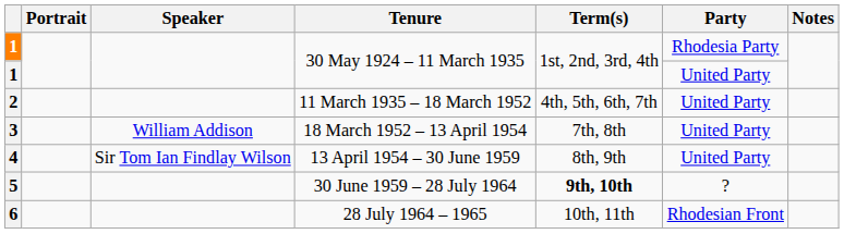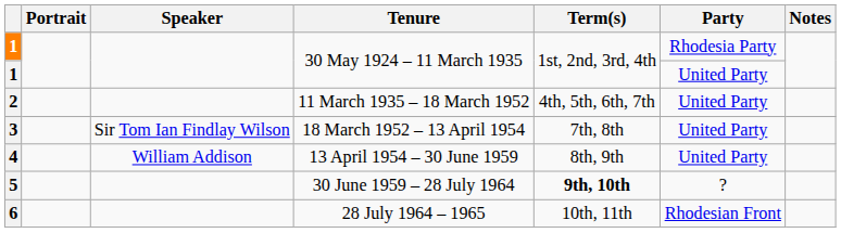 <table class="wikitable" style="text-align: center;">
 <tr>
 <th></th>
 <th>Portrait</th>
 <th>Speaker</th>
 <th>Tenure</th>
 <th>Term(s)</th>
 <th>Party</th>
 <th>Notes</th>
 </tr>
 <tr>
 <th style="background:#FF7F00; color:white;">1</th>
 <td rowspan="2"></td>
 <td rowspan="2"></td>
 <td rowspan="2">30 May 1924 – 11 March 1935</td>
 <td rowspan="2">1st, 2nd, 3rd, 4th</td>
 <td><a href='#'>Rhodesia Party</a> </td>
 <td rowspan="2"></td>
 </tr>
 <tr>
 <th style="background:">1</th>
 <td><a href='#'>United Party</a> </td>
 </tr>
 <tr>
 <th style="background:">2</th>
 <td></td>
 <td></td>
 <td>11 March 1935 – 18 March 1952</td>
 <td>4th, 5th, 6th, 7th</td>
 <td><a href='#'>United Party</a></td>
 <td></td>
 </tr>
 <tr>
 <th style="background:">3</th>
 <td></td>
-<td><a href='#'>William Addison</a></td>
+<td>Sir <a href='#'>Tom Ian Findlay Wilson</a></td>
 <td>18 March 1952 – 13 April 1954</td>
 <td>7th, 8th</td>
 <td><a href='#'>United Party</a></td>
 <td></td>
 </tr>
 <tr>
 <th style="background:">4</th>
 <td></td>
-<td>Sir <a href='#'>Tom Ian Findlay Wilson</a></td>
+<td><a href='#'>William Addison</a></td>
 <td>13 April 1954 – 30 June 1959</td>
 <td>8th, 9th</td>
 <td><a href='#'>United Party</a></td>
 <td></td>
 </tr>
 <tr>
 <th style="background: ">5</th>
 <td></td>
 <td></td>
 <td>30 June 1959 – 28 July 1964</td>
 <td><strong>9th, 10th</strong></td>
 <td>?</td>
 <td></td>
 </tr>
 <tr>
 <th style="background:">6</th>
 <td></td>
 <td></td>
 <td>28 July 1964 – 1965</td>
 <td>10th, 11th</td>
 <td><a href='#'>Rhodesian Front</a></td>
 <td></td>
 </tr>
 </table>
